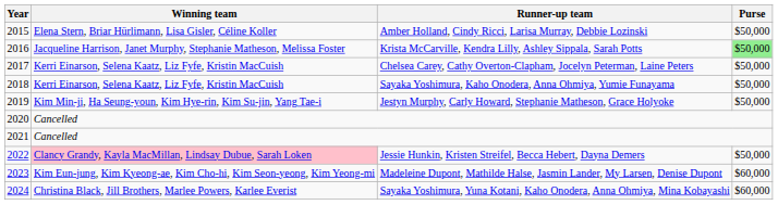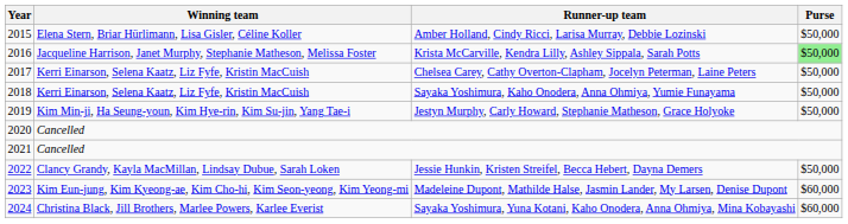 <table class="wikitable" style="font-size:95%;">
 <tr>
 <th scope="col">Year</th>
 <th scope="col">Winning team</th>
 <th scope="col">Runner-up team</th>
 <th scope="col">Purse</th>
 </tr>
 <tr>
 <td>2015</td>
 <td> <a href='#'>Elena Stern</a>, <a href='#'>Briar Hürlimann</a>, <a href='#'>Lisa Gisler</a>, <a href='#'>Céline Koller</a></td>
 <td> <a href='#'>Amber Holland</a>, <a href='#'>Cindy Ricci</a>, <a href='#'>Larisa Murray</a>, <a href='#'>Debbie Lozinski</a></td>
 <td>$50,000</td>
 </tr>
 <tr>
 <td>2016</td>
 <td> <a href='#'>Jacqueline Harrison</a>, <a href='#'>Janet Murphy</a>, <a href='#'>Stephanie Matheson</a>, <a href='#'>Melissa Foster</a></td>
 <td> <a href='#'>Krista McCarville</a>, <a href='#'>Kendra Lilly</a>, <a href='#'>Ashley Sippala</a>, <a href='#'>Sarah Potts</a></td>
 <td style="background: lightgreen;">$50,000</td>
 </tr>
 <tr>
 <td>2017</td>
 <td> <a href='#'>Kerri Einarson</a>, <a href='#'>Selena Kaatz</a>, <a href='#'>Liz Fyfe</a>, <a href='#'>Kristin MacCuish</a></td>
 <td> <a href='#'>Chelsea Carey</a>, <a href='#'>Cathy Overton-Clapham</a>, <a href='#'>Jocelyn Peterman</a>, <a href='#'>Laine Peters</a></td>
 <td>$50,000</td>
 </tr>
 <tr>
 <td>2018</td>
 <td> <a href='#'>Kerri Einarson</a>, <a href='#'>Selena Kaatz</a>, <a href='#'>Liz Fyfe</a>, <a href='#'>Kristin MacCuish</a></td>
 <td> <a href='#'>Sayaka Yoshimura</a>, <a href='#'>Kaho Onodera</a>, <a href='#'>Anna Ohmiya</a>, <a href='#'>Yumie Funayama</a></td>
 <td>$50,000</td>
 </tr>
 <tr>
 <td>2019</td>
 <td> <a href='#'>Kim Min-ji</a>, <a href='#'>Ha Seung-youn</a>, <a href='#'>Kim Hye-rin</a>, <a href='#'>Kim Su-jin</a>, <a href='#'>Yang Tae-i</a></td>
 <td> <a href='#'>Jestyn Murphy</a>, <a href='#'>Carly Howard</a>, <a href='#'>Stephanie Matheson</a>, <a href='#'>Grace Holyoke</a></td>
 <td>$50,000</td>
 </tr>
 <tr>
 <td>2020</td>
 <td colspan="4"><em>Cancelled</em></td>
 </tr>
 <tr>
 <td>2021</td>
 <td colspan="4"><em>Cancelled</em></td>
 </tr>
 <tr>
 <td><a href='#'>2022</a></td>
-<td style="background: pink;"> <a href='#'>Clancy Grandy</a>, <a href='#'>Kayla MacMillan</a>, <a href='#'>Lindsay Dubue</a>, <a href='#'>Sarah Loken</a></td>
+<td> <a href='#'>Clancy Grandy</a>, <a href='#'>Kayla MacMillan</a>, <a href='#'>Lindsay Dubue</a>, <a href='#'>Sarah Loken</a></td>
 <td> <a href='#'>Jessie Hunkin</a>, <a href='#'>Kristen Streifel</a>, <a href='#'>Becca Hebert</a>, <a href='#'>Dayna Demers</a></td>
 <td>$50,000</td>
 </tr>
 <tr>
 <td><a href='#'>2023</a></td>
 <td> <a href='#'>Kim Eun-jung</a>, <a href='#'>Kim Kyeong-ae</a>, <a href='#'>Kim Cho-hi</a>, <a href='#'>Kim Seon-yeong</a>, <a href='#'>Kim Yeong-mi</a></td>
 <td> <a href='#'>Madeleine Dupont</a>, <a href='#'>Mathilde Halse</a>, <a href='#'>Jasmin Lander</a>, <a href='#'>My Larsen</a>, <a href='#'>Denise Dupont</a></td>
 <td>$60,000</td>
 </tr>
 <tr>
 <td><a href='#'>2024</a></td>
 <td> <a href='#'>Christina Black</a>, <a href='#'>Jill Brothers</a>, <a href='#'>Marlee Powers</a>, <a href='#'>Karlee Everist</a></td>
 <td> <a href='#'>Sayaka Yoshimura</a>, <a href='#'>Yuna Kotani</a>, <a href='#'>Kaho Onodera</a>, <a href='#'>Anna Ohmiya</a>, <a href='#'>Mina Kobayashi</a></td>
 <td>$60,000</td>
 </tr>
 </table>
